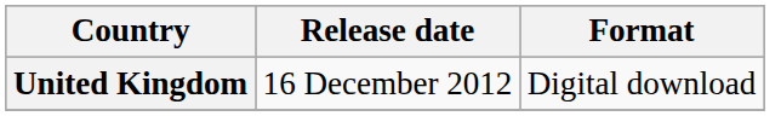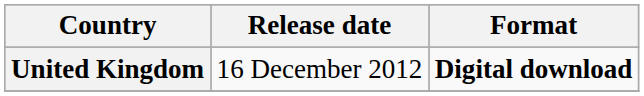 <table class="wikitable plainrowheaders">
 <tr>
 <th scope="col">Country</th>
 <th scope="col">Release date</th>
 <th scope="col">Format</th>
 </tr>
 <tr>
 <th scope="row">United Kingdom</th>
 <td>16 December 2012</td>
-<td>Digital download</td>
+<td><strong>Digital download</strong></td>
 </tr>
 <tr>
 </tr>
 </table>
